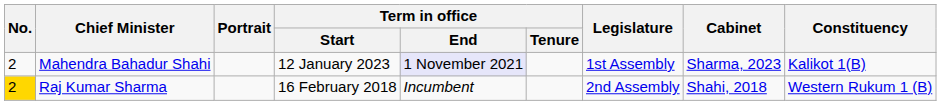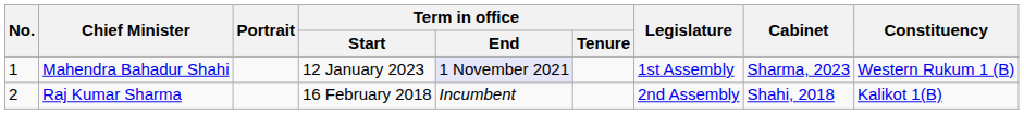 <table class="wikitable">
 <tr>
 <th rowspan="2" style="background-color:">No.</th>
 <th rowspan="2" style="background-color:">Chief Minister</th>
 <th rowspan="2" style="background-color:">Portrait</th>
 <th colspan="3" style="background-color:">Term in office</th>
 <th rowspan="2" style="background-color:">Legislature</th>
 <th rowspan="2" style="background-color:">Cabinet</th>
 <th rowspan="2" style="background-color:">Constituency</th>
 </tr>
 <tr>
 <th style="background-color:">Start</th>
 <th style="background-color:">End</th>
 <th style="background-color:">Tenure</th>
 </tr>
 <tr>
-<td>2</td>
+<td>1</td>
 <td><a href='#'>Mahendra Bahadur Shahi</a></td>
 <td></td>
 <td>12 January 2023</td>
 <td style="background: lavender;">1 November 2021</td>
 <td></td>
 <td><a href='#'>1st Assembly</a></td>
 <td><a href='#'>Sharma, 2023</a></td>
-<td><a href='#'>Kalikot 1(B)</a></td>
+<td><a href='#'>Western Rukum 1 (B)</a></td>
 </tr>
 <tr>
-<td style="background: gold;">2</td>
+<td>2</td>
 <td><a href='#'>Raj Kumar Sharma</a></td>
 <td></td>
 <td>16 February 2018</td>
 <td><em>Incumbent</em></td>
 <td></td>
 <td><a href='#'>2nd Assembly</a></td>
 <td><a href='#'>Shahi, 2018</a></td>
-<td><a href='#'>Western Rukum 1 (B)</a></td>
+<td><a href='#'>Kalikot 1(B)</a></td>
 </tr>
 </table>
